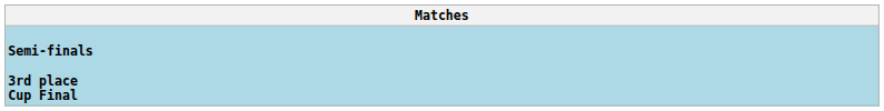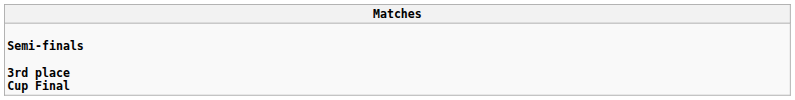 <table class="wikitable collapsible collapsed" style="width:100%;">
 <tr>
 <th>Matches</th>
 </tr>
 <tr>
-<td style="background: lightblue;"><br><strong>Semi-finals</strong> <br><br><strong>3rd place</strong> <br><strong>Cup Final</strong> </td>
+<td><br><strong>Semi-finals</strong> <br><br><strong>3rd place</strong> <br><strong>Cup Final</strong> </td>
 </tr>
 </table>
